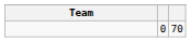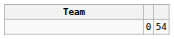 <table class="wikitable">
 <tr>
 </tr>
 <tr>
 <th width=190>Team</th>
 <th></th>
 <th></th>
 </tr>
 <tr>
 <td></td>
 <td align=right>0</td>
-<td align=center>70</td>
+<td align=center>54</td>
 </tr>
 </table>
